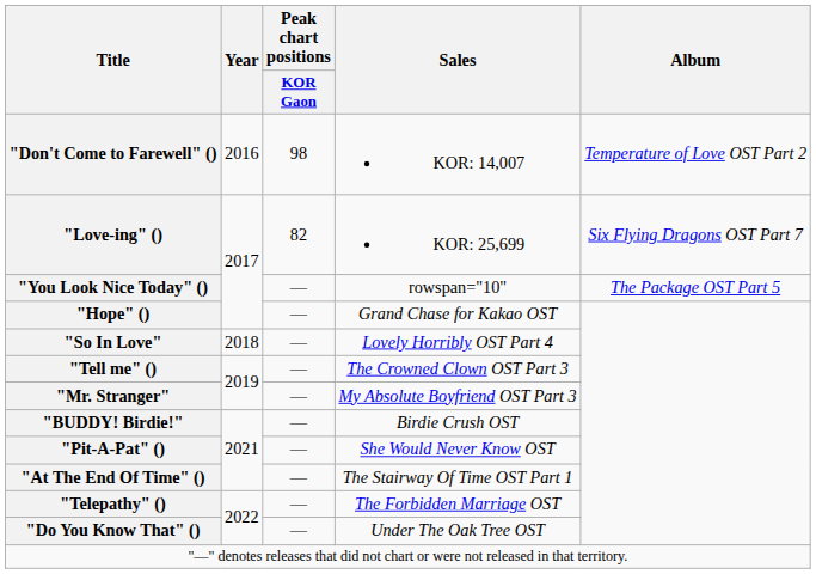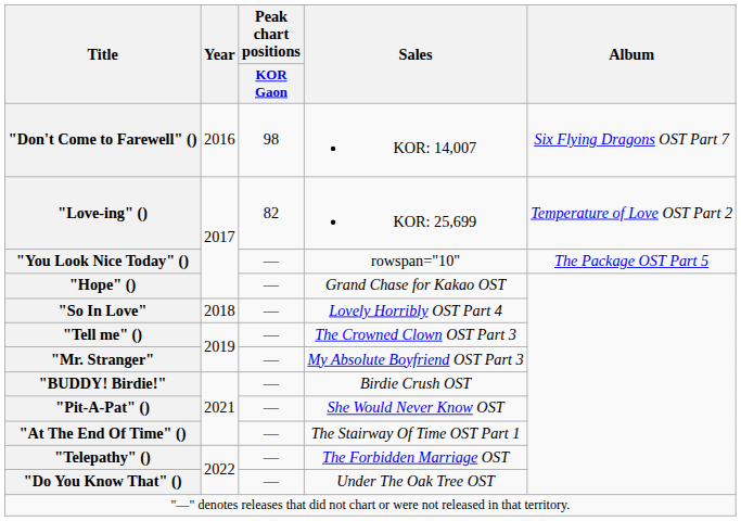 <table class="wikitable plainrowheaders" style="text-align:center">
 <tr>
 <th scope="col" rowspan="2">Title</th>
 <th scope="col" rowspan="2">Year</th>
 <th scope="col">Peak chart positions</th>
 <th scope="col" rowspan="2">Sales</th>
 <th scope="col" rowspan="2">Album</th>
 </tr>
 <tr>
 <th scope="col" style="font-size:90%; width:2.5em"><a href='#'>KOR<br>Gaon</a><br></th>
 </tr>
 <tr>
 <th scope="row">"Don't Come to Farewell" ()</th>
 <td>2016</td>
 <td>98</td>
 <td><br><ul><li>KOR: 14,007</li></ul></td>
-<td><em><a href='#'>Temperature of Love</a> OST Part 2</em></td>
+<td><em><a href='#'>Six Flying Dragons</a> OST Part 7</em></td>
 </tr>
 <tr>
 <th scope="row">"Love-ing" ()</th>
 <td rowspan="3">2017</td>
 <td>82</td>
 <td><br><ul><li>KOR: 25,699</li></ul></td>
-<td><em><a href='#'>Six Flying Dragons</a> OST Part 7</em></td>
+<td><em><a href='#'>Temperature of Love</a> OST Part 2</em></td>
 </tr>
 <tr>
 <th scope="row">"You Look Nice Today" ()<br></th>
 <td>—</td>
 <td>rowspan="10" </td>
 <td><em><a href='#'>The Package OST Part 5</a></em></td>
 </tr>
 <tr>
 <th scope="row">"Hope" ()</th>
 <td>—</td>
 <td><em>Grand Chase for Kakao OST</em></td>
 </tr>
 <tr>
 <th scope="row">"So In Love"</th>
 <td>2018</td>
 <td>—</td>
 <td><em><a href='#'>Lovely Horribly</a> OST Part 4</em></td>
 </tr>
 <tr>
 <th scope="row">"Tell me" ()</th>
 <td rowspan="2">2019</td>
 <td>—</td>
 <td><em><a href='#'>The Crowned Clown</a> OST Part 3</em></td>
 </tr>
 <tr>
 <th scope="row">"Mr. Stranger"<br></th>
 <td>—</td>
 <td><em><a href='#'>My Absolute Boyfriend</a> OST Part 3</em></td>
 </tr>
 <tr>
 <th scope="row">"BUDDY! Birdie!"</th>
 <td rowspan="3">2021</td>
 <td>—</td>
 <td><em>Birdie Crush OST</em></td>
 </tr>
 <tr>
 <th scope="row">"Pit-A-Pat" ()</th>
 <td>—</td>
 <td><em><a href='#'>She Would Never Know</a> OST</em></td>
 </tr>
 <tr>
 <th scope="row">"At The End Of Time" ()</th>
 <td>—</td>
 <td><em>The Stairway Of Time OST Part 1</em></td>
 </tr>
 <tr>
 <th scope="row">"Telepathy" ()<br></th>
 <td rowspan="2">2022</td>
 <td>—</td>
 <td><em><a href='#'>The Forbidden Marriage</a> OST</em></td>
 </tr>
 <tr>
 <th scope="row">"Do You Know That" ()</th>
 <td>—</td>
 <td><em>Under The Oak Tree OST</em></td>
 </tr>
 <tr>
 <td colspan="5" style="font-size:85%">"—" denotes releases that did not chart or were not released in that territory.</td>
 </tr>
 </table>
